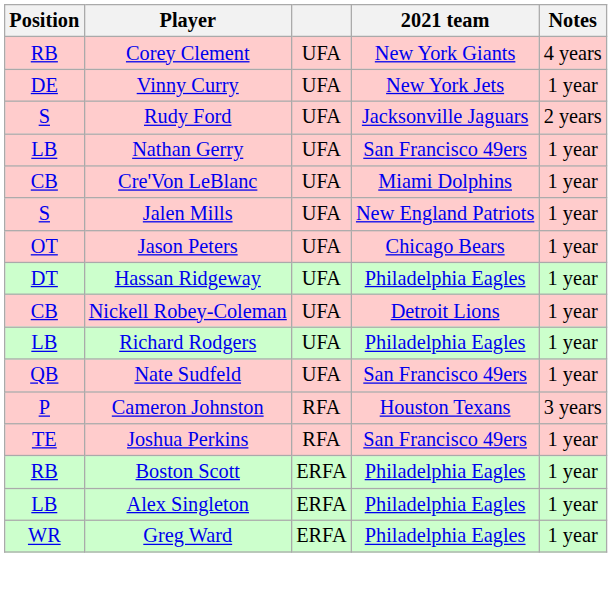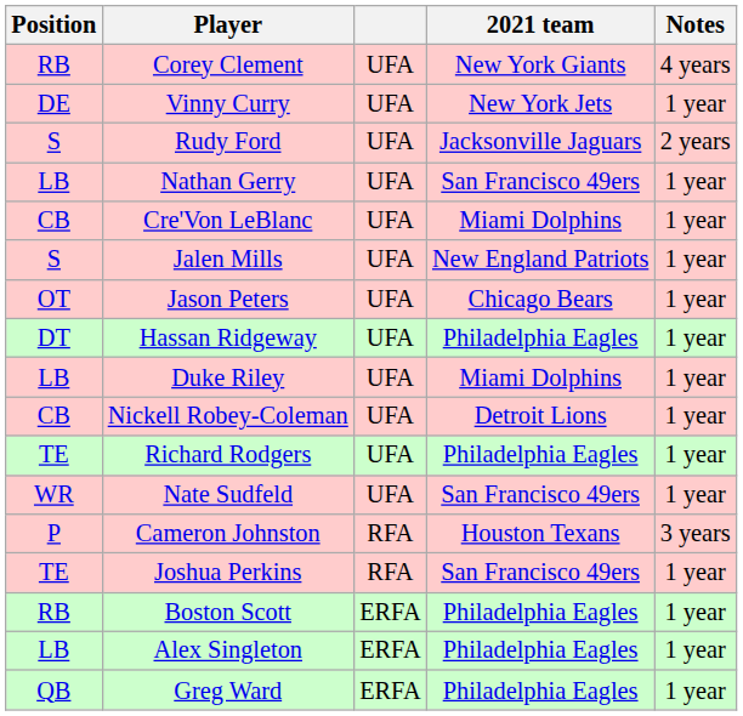 <table class="wikitable" style="text-align:center">
 <tr>
 <th>Position</th>
 <th>Player</th>
 <th></th>
 <th>2021 team</th>
 <th>Notes</th>
 </tr>
 <tr style="background:#fcc">
 <td><a href='#'>RB</a></td>
 <td><a href='#'>Corey Clement</a></td>
 <td>UFA</td>
 <td><a href='#'>New York Giants</a></td>
 <td>4 years</td>
 </tr>
 <tr style="background:#fcc">
 <td><a href='#'>DE</a></td>
 <td><a href='#'>Vinny Curry</a></td>
 <td>UFA</td>
 <td><a href='#'>New York Jets</a></td>
 <td>1 year</td>
 </tr>
 <tr style="background:#fcc">
 <td><a href='#'>S</a></td>
 <td><a href='#'>Rudy Ford</a></td>
 <td>UFA</td>
 <td><a href='#'>Jacksonville Jaguars</a></td>
 <td>2 years</td>
 </tr>
 <tr style="background:#fcc">
 <td><a href='#'>LB</a></td>
 <td><a href='#'>Nathan Gerry</a></td>
 <td>UFA</td>
 <td><a href='#'>San Francisco 49ers</a></td>
 <td>1 year</td>
 </tr>
 <tr style="background:#fcc">
 <td><a href='#'>CB</a></td>
 <td><a href='#'>Cre'Von LeBlanc</a></td>
 <td>UFA</td>
 <td><a href='#'>Miami Dolphins</a></td>
 <td>1 year</td>
 </tr>
 <tr style="background:#fcc">
 <td><a href='#'>S</a></td>
 <td><a href='#'>Jalen Mills</a></td>
 <td>UFA</td>
 <td><a href='#'>New England Patriots</a></td>
 <td>1 year</td>
 </tr>
 <tr style="background:#fcc">
 <td><a href='#'>OT</a></td>
 <td><a href='#'>Jason Peters</a></td>
 <td>UFA</td>
 <td><a href='#'>Chicago Bears</a></td>
 <td>1 year</td>
 </tr>
 <tr style="background:#cfc">
 <td><a href='#'>DT</a></td>
 <td><a href='#'>Hassan Ridgeway</a></td>
 <td>UFA</td>
 <td><a href='#'>Philadelphia Eagles</a></td>
 <td>1 year</td>
 </tr>
 <tr style="background:#fcc">
+<td><a href='#'>LB</a></td>
+<td><a href='#'>Duke Riley</a></td>
+<td>UFA</td>
+<td><a href='#'>Miami Dolphins</a></td>
+<td>1 year</td>
+</tr>
+<tr style="background:#fcc">
 <td><a href='#'>CB</a></td>
 <td><a href='#'>Nickell Robey-Coleman</a></td>
 <td>UFA</td>
 <td><a href='#'>Detroit Lions</a></td>
 <td>1 year</td>
 </tr>
 <tr style="background:#cfc">
-<td><a href='#'>LB</a></td>
+<td><a href='#'>TE</a></td>
 <td><a href='#'>Richard Rodgers</a></td>
 <td>UFA</td>
 <td><a href='#'>Philadelphia Eagles</a></td>
 <td>1 year</td>
 </tr>
 <tr style="background:#fcc">
-<td><a href='#'>QB</a></td>
+<td><a href='#'>WR</a></td>
 <td><a href='#'>Nate Sudfeld</a></td>
 <td>UFA</td>
 <td><a href='#'>San Francisco 49ers</a></td>
 <td>1 year</td>
 </tr>
 <tr style="background:#fcc">
 <td><a href='#'>P</a></td>
 <td><a href='#'>Cameron Johnston</a></td>
 <td>RFA</td>
 <td><a href='#'>Houston Texans</a></td>
 <td>3 years</td>
 </tr>
 <tr style="background:#fcc">
 <td><a href='#'>TE</a></td>
 <td><a href='#'>Joshua Perkins</a></td>
 <td>RFA</td>
 <td><a href='#'>San Francisco 49ers</a></td>
 <td>1 year</td>
 </tr>
 <tr style="background:#cfc">
 <td><a href='#'>RB</a></td>
 <td><a href='#'>Boston Scott</a></td>
 <td>ERFA</td>
 <td><a href='#'>Philadelphia Eagles</a></td>
 <td>1 year</td>
 </tr>
 <tr style="background:#cfc">
 <td><a href='#'>LB</a></td>
 <td><a href='#'>Alex Singleton</a></td>
 <td>ERFA</td>
 <td><a href='#'>Philadelphia Eagles</a></td>
 <td>1 year</td>
 </tr>
 <tr style="background:#cfc">
-<td><a href='#'>WR</a></td>
+<td><a href='#'>QB</a></td>
 <td><a href='#'>Greg Ward</a></td>
 <td>ERFA</td>
 <td><a href='#'>Philadelphia Eagles</a></td>
 <td>1 year</td>
 </tr>
 </table>
